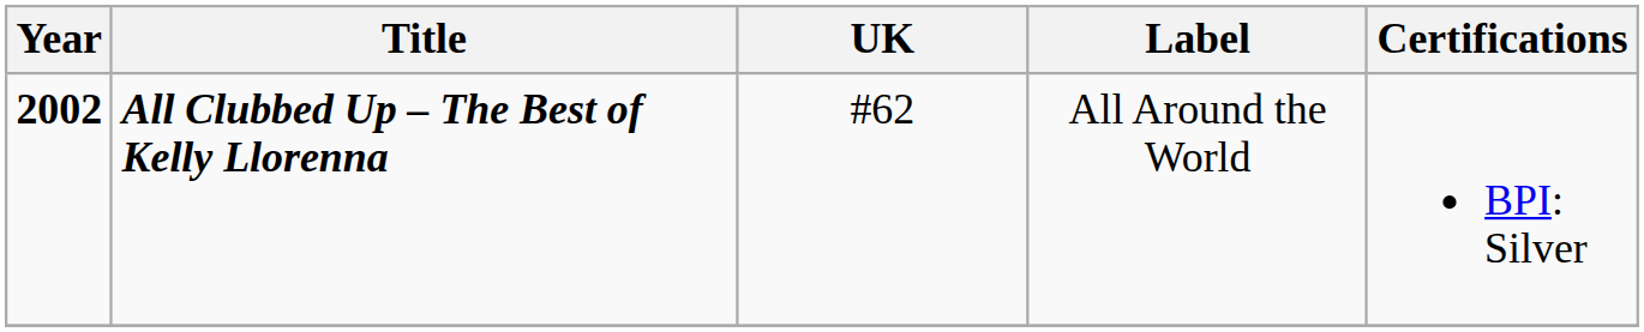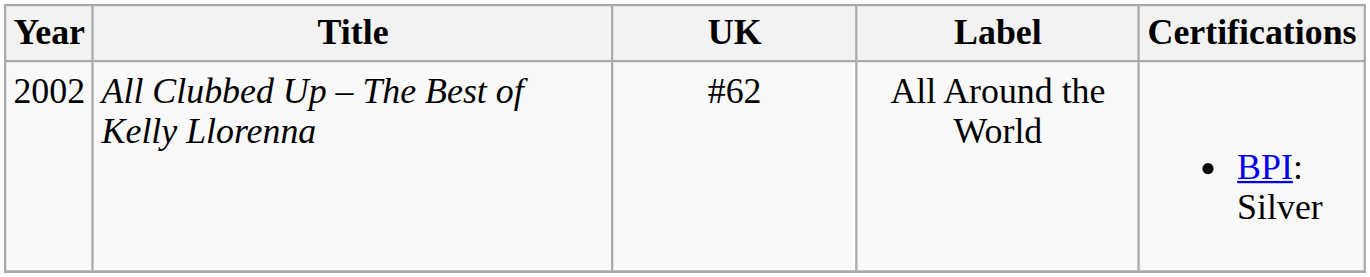 <table class="wikitable">
 <tr>
 <th>Year</th>
 <th width="275">Title</th>
 <th width="125">UK</th>
 <th width="140">Label</th>
 <th>Certifications</th>
 </tr>
 <tr>
-<td align="center" valign="top"><strong>2002</strong></td>
-<td align="left" valign="top"><strong><em>All Clubbed Up – The Best of Kelly Llorenna</em></strong></td>
+<td align="center" valign="top">2002</td>
+<td align="left" valign="top"><em>All Clubbed Up – The Best of Kelly Llorenna</em></td>
 <td align="center" valign="top">#62</td>
 <td align="center" valign="top">All Around the World</td>
 <td><br><ul><li><a href='#'>BPI</a>: Silver</li></ul></td>
 </tr>
 <tr>
 </tr>
 </table>
